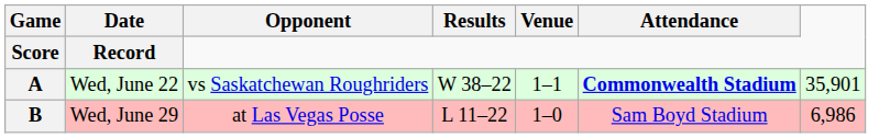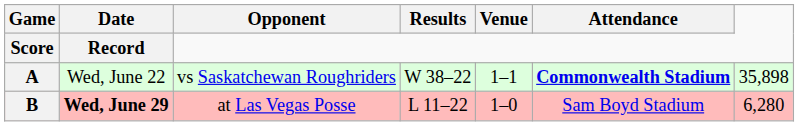 <table class="wikitable" style="text-align:center">
 <tr>
 <th>Game</th>
 <th>Date</th>
 <th>Opponent</th>
 <th>Results</th>
 <th>Venue</th>
 <th>Attendance</th>
 </tr>
 <tr>
 <th>Score</th>
 <th>Record</th>
 </tr>
 <tr style="background:#ddffdd">
 <th>A</th>
 <td>Wed, June 22</td>
 <td>vs <a href='#'>Saskatchewan Roughriders</a></td>
 <td>W 38–22</td>
 <td>1–1</td>
 <td><strong><a href='#'>Commonwealth Stadium</a></strong></td>
-<td>35,901</td>
+<td>35,898</td>
 </tr>
 <tr style="background:#ffbbbb">
 <th>B</th>
-<td>Wed, June 29</td>
+<td><strong>Wed, June 29</strong></td>
 <td>at <a href='#'>Las Vegas Posse</a></td>
 <td>L 11–22</td>
 <td>1–0</td>
 <td><a href='#'>Sam Boyd Stadium</a></td>
-<td>6,986</td>
+<td>6,280</td>
 </tr>
 </table>
